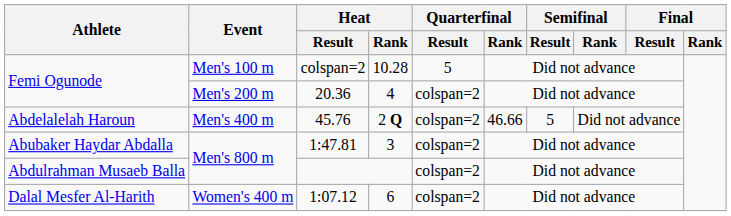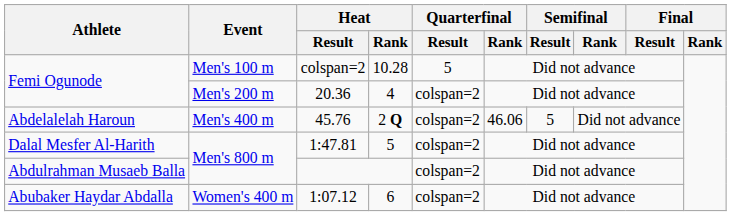 <table class="wikitable" style="font-size:90%">
 <tr>
 <th rowspan="2">Athlete</th>
 <th rowspan="2">Event</th>
 <th colspan="2">Heat</th>
 <th colspan="2">Quarterfinal</th>
 <th colspan="2">Semifinal</th>
 <th colspan="2">Final</th>
 </tr>
 <tr style="font-size:95%">
 <th>Result</th>
 <th>Rank</th>
 <th>Result</th>
 <th>Rank</th>
 <th>Result</th>
 <th>Rank</th>
 <th>Result</th>
 <th>Rank</th>
 </tr>
 <tr align=center>
 <td align=left rowspan=2><a href='#'>Femi Ogunode</a></td>
 <td align=left><a href='#'>Men's 100 m</a></td>
 <td>colspan=2 </td>
 <td>10.28</td>
 <td>5</td>
 <td colspan=4>Did not advance</td>
 </tr>
 <tr align=center>
 <td align=left><a href='#'>Men's 200 m</a></td>
 <td>20.36</td>
 <td>4</td>
 <td>colspan=2 </td>
 <td colspan=4>Did not advance</td>
 </tr>
 <tr align=center>
 <td align=left><a href='#'>Abdelalelah Haroun</a></td>
 <td align=left><a href='#'>Men's 400 m</a></td>
 <td>45.76</td>
 <td>2 <strong>Q</strong></td>
 <td>colspan=2 </td>
-<td>46.66</td>
+<td>46.06</td>
 <td>5</td>
 <td colspan=2>Did not advance</td>
 </tr>
 <tr align=center>
-<td align=left><a href='#'>Abubaker Haydar Abdalla</a></td>
+<td align=left><a href='#'>Dalal Mesfer Al-Harith</a></td>
 <td align=left rowspan=2><a href='#'>Men's 800 m</a></td>
 <td>1:47.81</td>
-<td>3</td>
+<td>5</td>
 <td>colspan=2 </td>
 <td colspan=4>Did not advance</td>
 </tr>
 <tr align=center>
 <td align=left><a href='#'>Abdulrahman Musaeb Balla</a></td>
 <td colspan=2></td>
 <td>colspan=2 </td>
 <td colspan=4>Did not advance</td>
 </tr>
 <tr align=center>
-<td align=left><a href='#'>Dalal Mesfer Al-Harith</a></td>
+<td align=left><a href='#'>Abubaker Haydar Abdalla</a></td>
 <td align=left><a href='#'>Women's 400 m</a></td>
 <td>1:07.12</td>
 <td>6</td>
 <td>colspan=2 </td>
 <td colspan=4>Did not advance</td>
 </tr>
 </table>
